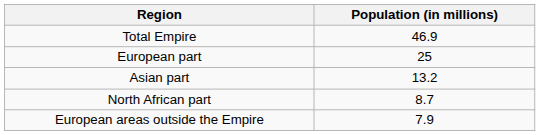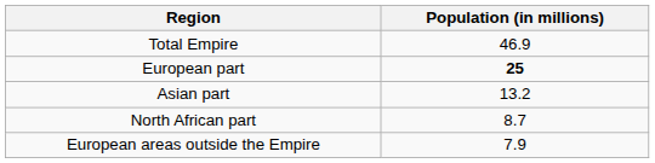 <table class="wikitable" style="text-align:center; width:40em">
 <tr>
 <th>Region</th>
 <th>Population (in millions)</th>
 </tr>
 <tr>
 <td>Total Empire</td>
 <td>46.9</td>
 </tr>
 <tr>
 <td>European part</td>
-<td>25</td>
+<td><strong>25</strong></td>
 </tr>
 <tr>
 <td>Asian part</td>
 <td>13.2</td>
 </tr>
 <tr>
 <td>North African part</td>
 <td>8.7</td>
 </tr>
 <tr>
 <td>European areas outside the Empire</td>
 <td>7.9</td>
 </tr>
 </table>
